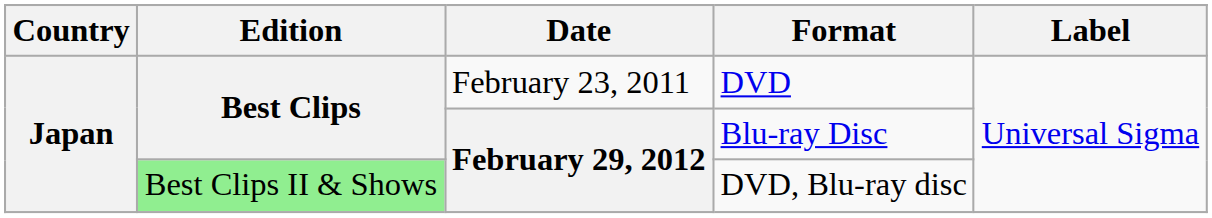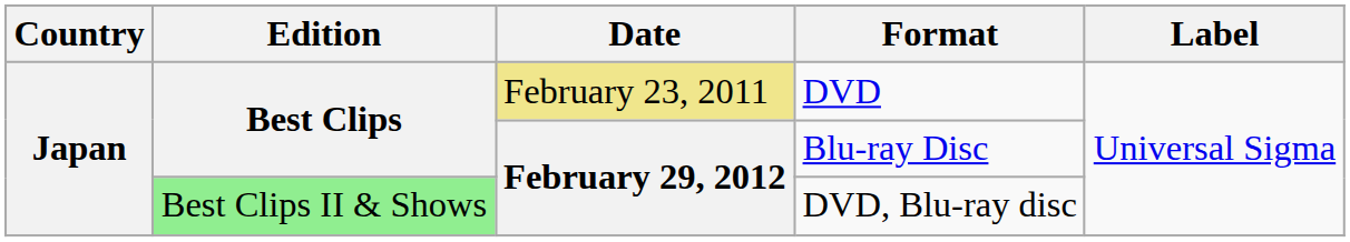 <table class="wikitable plainrowheaders">
 <tr>
 <th scope="col">Country</th>
 <th>Edition</th>
 <th>Date</th>
 <th>Format</th>
 <th>Label</th>
 </tr>
 <tr>
 <th scope="row" rowspan="3">Japan</th>
 <th scope="row" rowspan="2">Best Clips</th>
-<td>February 23, 2011</td>
+<td style="background: khaki;">February 23, 2011</td>
 <td><a href='#'>DVD</a></td>
 <td rowspan="3"><a href='#'>Universal Sigma</a></td>
 </tr>
 <tr>
 <th scope="row" rowspan="2">February 29, 2012</th>
 <td><a href='#'>Blu-ray Disc</a></td>
 </tr>
 <tr>
 <td style="background: lightgreen;">Best Clips II & Shows</td>
 <td>DVD, Blu-ray disc</td>
 </tr>
 </table>
